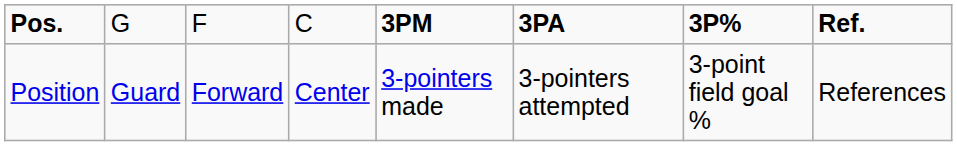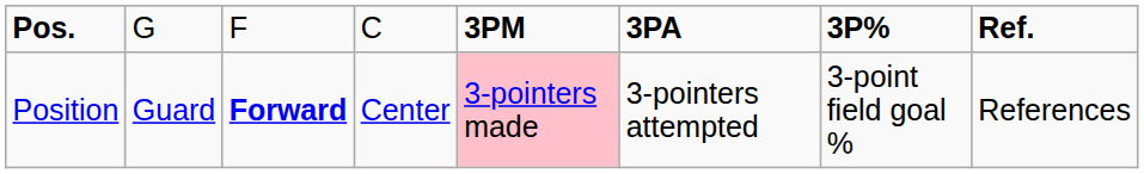 <table class="wikitable">
 <tr>
 <td><strong>Pos.</strong></td>
 <td>G</td>
 <td>F</td>
 <td>C</td>
 <td><strong>3PM</strong></td>
 <td><strong>3PA</strong></td>
 <td><strong>3P%</strong></td>
 <td><strong>Ref.</strong></td>
 </tr>
 <tr>
 <td><a href='#'>Position</a></td>
 <td><a href='#'>Guard</a></td>
-<td><a href='#'>Forward</a></td>
+<td><strong><a href='#'>Forward</a></strong></td>
 <td><a href='#'>Center</a></td>
-<td><a href='#'>3-pointers</a> made</td>
+<td style="background: pink;"><a href='#'>3-pointers</a> made</td>
 <td>3-pointers attempted</td>
 <td>3-point field goal %</td>
 <td>References</td>
 </tr>
 </table>
